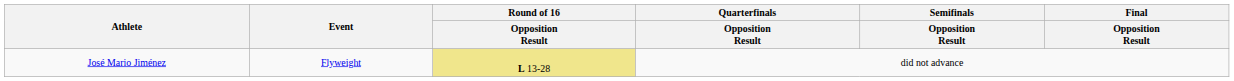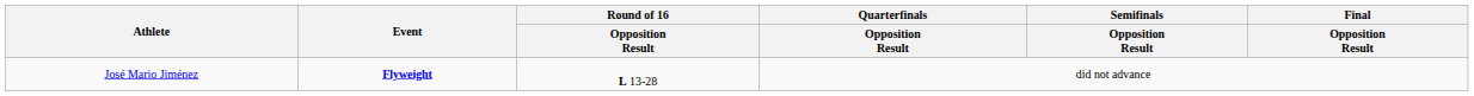 <table class="wikitable" style="font-size:95%; text-align:center;" width="95%">
 <tr>
 <th rowspan="2">Athlete</th>
 <th rowspan="2">Event</th>
 <th>Round of 16</th>
 <th>Quarterfinals</th>
 <th>Semifinals</th>
 <th>Final</th>
 </tr>
 <tr>
 <th>Opposition<br>Result</th>
 <th>Opposition<br>Result</th>
 <th>Opposition<br>Result</th>
 <th>Opposition<br>Result</th>
 </tr>
 <tr>
 <td width=20%><a href='#'>José Mario Jiménez</a></td>
-<td width=15%><a href='#'>Flyweight</a></td>
-<td style="background: khaki;"><br><strong>L</strong> 13-28</td>
+<td width=15%><strong><a href='#'>Flyweight</a></strong></td>
+<td><br><strong>L</strong> 13-28</td>
 <td colspan=3>did not advance</td>
 </tr>
 </table>
